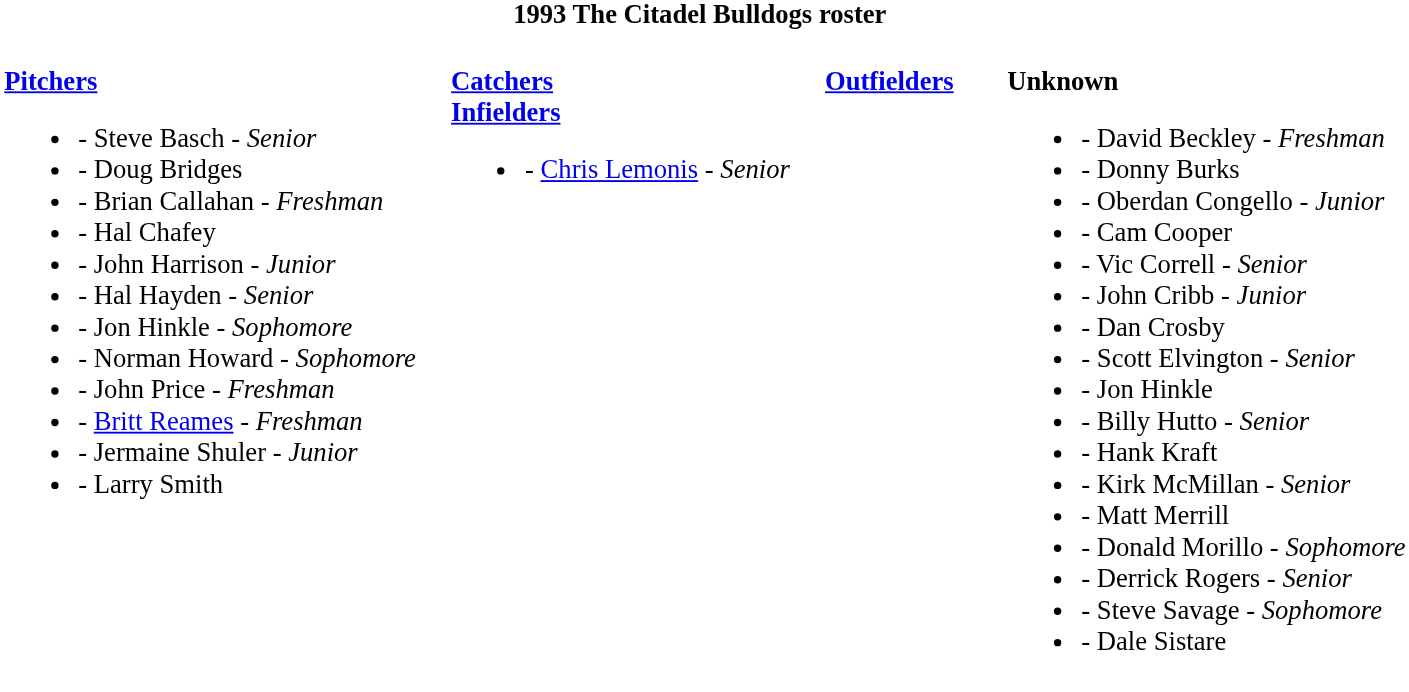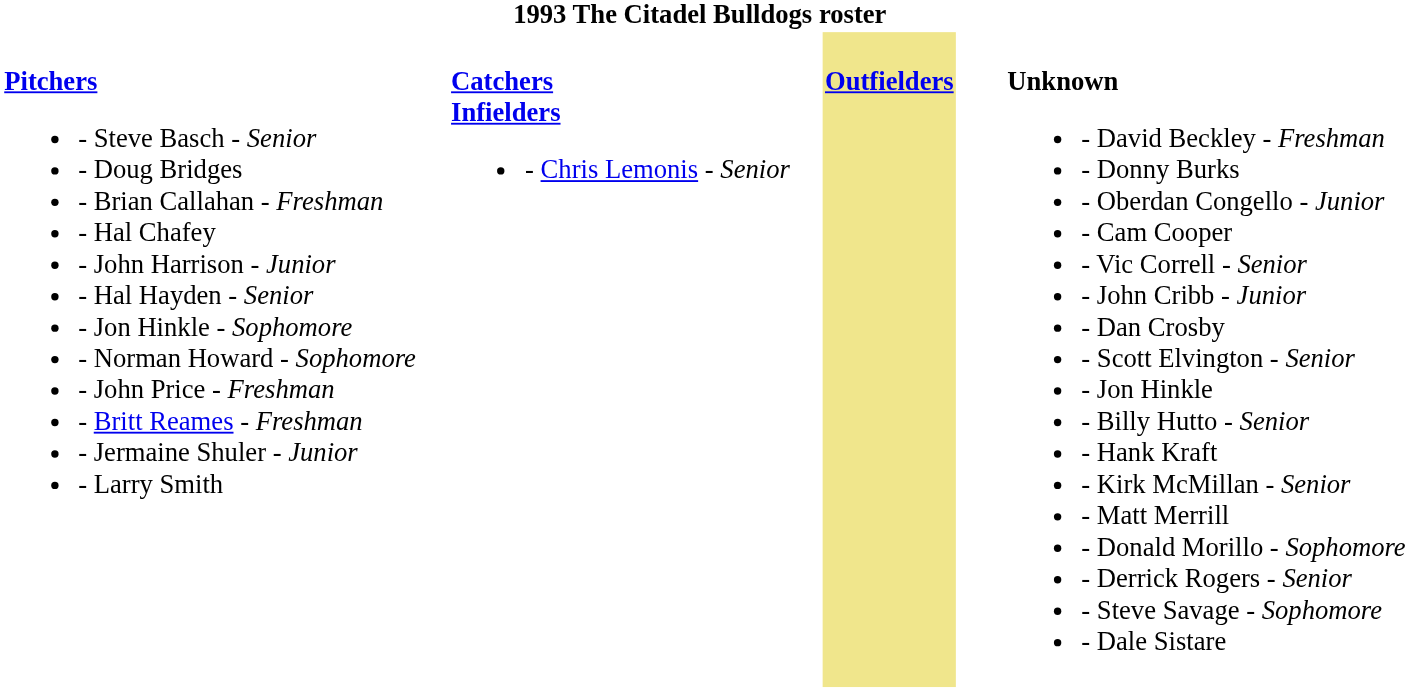 <table class="toccolours" style="border-collapse:collapse; font-size:90%;">
 <tr>
 <th colspan="9">1993 The Citadel Bulldogs roster</th>
 </tr>
 <tr>
 <td width="03"> </td>
 <td valign="top"><br><strong><a href='#'>Pitchers</a></strong><ul><li>- Steve Basch - <em>Senior</em></li><li>- Doug Bridges</li><li>- Brian Callahan - <em>Freshman</em></li><li>- Hal Chafey</li><li>- John Harrison - <em>Junior</em></li><li>- Hal Hayden - <em>Senior</em></li><li>- Jon Hinkle - <em>Sophomore</em></li><li>- Norman Howard - <em>Sophomore</em></li><li>- John Price - <em>Freshman</em></li><li>- <a href='#'>Britt Reames</a> - <em>Freshman</em></li><li>- Jermaine Shuler - <em>Junior</em></li><li>- Larry Smith</li></ul></td>
 <td width="15"> </td>
 <td valign="top"><br><strong><a href='#'>Catchers</a></strong><br><strong><a href='#'>Infielders</a></strong><ul><li>- <a href='#'>Chris Lemonis</a> -  <em>Senior</em></li></ul></td>
 <td width="15"> </td>
-<td valign="top"><br><strong><a href='#'>Outfielders</a></strong></td>
+<td valign="top" style="background: khaki;"><br><strong><a href='#'>Outfielders</a></strong></td>
 <td width="25"> </td>
 <td valign="top"><br><strong>Unknown</strong><ul><li>- David Beckley - <em>Freshman</em></li><li>- Donny Burks</li><li>- Oberdan Congello - <em>Junior</em></li><li>- Cam Cooper</li><li>- Vic Correll - <em>Senior</em></li><li>- John Cribb - <em>Junior</em></li><li>- Dan Crosby</li><li>- Scott Elvington - <em>Senior</em></li><li>- Jon Hinkle</li><li>- Billy Hutto - <em>Senior</em></li><li>- Hank Kraft</li><li>- Kirk McMillan - <em>Senior</em></li><li>- Matt Merrill</li><li>- Donald Morillo - <em>Sophomore</em></li><li>- Derrick Rogers - <em>Senior</em></li><li>- Steve Savage - <em>Sophomore</em></li><li>- Dale Sistare</li></ul></td>
 </tr>
 </table>
